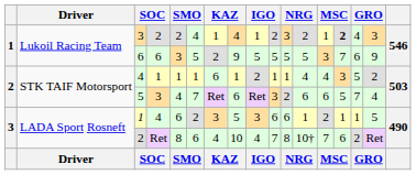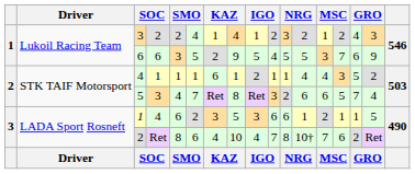 <table align=left| class="wikitable" style="font-size: 85%; text-align: center">
 <tr valign="top">
 <th valign="middle"></th>
 <th valign="middle">Driver</th>
 <th colspan=2><a href='#'>SOC</a></th>
 <th colspan=2><a href='#'>SMO</a></th>
 <th colspan=2><a href='#'>KAZ</a></th>
 <th colspan=2><a href='#'>IGO</a></th>
 <th colspan=2><a href='#'>NRG</a></th>
 <th colspan=2><a href='#'>MSC</a></th>
 <th colspan=2><a href='#'>GRO</a></th>
 <th valign="middle"></th>
 </tr>
 <tr>
 <th rowspan="2">1</th>
 <td rowspan="2" align=left> <a href='#'>Lukoil Racing Team</a></td>
 <td style="background:#ffdf9f;">3</td>
 <td style="background:#dfdfdf;">2</td>
 <td style="background:#dfdfdf;">2</td>
 <td style="background:#dfffdf;">4</td>
 <td style="background:#ffffbf;">1</td>
 <td style="background:#ffdf9f;">4</td>
 <td style="background:#ffffbf;">1</td>
 <td style="background:#dfdfdf;">2</td>
 <td style="background:#ffdf9f;">3</td>
 <td style="background:#dfdfdf;">2</td>
 <td style="background:#ffffbf;">1</td>
-<td style="background:#dfdfdf;"><strong>2</strong></td>
+<td style="background:#dfdfdf;">2</td>
 <td style="background:#dfffdf;">4</td>
 <td style="background:#ffdf9f;">3</td>
 <th rowspan="2">546</th>
 </tr>
 <tr>
 <td style="background:#dfffdf;">6</td>
 <td style="background:#dfffdf;">6</td>
 <td style="background:#ffdf9f;">3</td>
 <td style="background:#dfffdf;">5</td>
 <td style="background:#dfdfdf;">2</td>
 <td style="background:#dfffdf;">9</td>
 <td style="background:#dfffdf;">5</td>
-<td style="background:#dfffdf;">5</td>
+<td style="background:#dfffdf;">4</td>
 <td style="background:#dfffdf;">5</td>
 <td style="background:#dfffdf;">5</td>
 <td style="background:#ffdf9f;">3</td>
 <td style="background:#dfffdf;">7</td>
 <td style="background:#dfffdf;">6</td>
 <td style="background:#dfffdf;">9</td>
 </tr>
 <tr>
 <th rowspan="2">2</th>
 <td rowspan="2" align=left> STK TAIF Motorsport</td>
 <td style="background:#dfffdf;">4</td>
 <td style="background:#ffffbf;">1</td>
 <td style="background:#ffffbf;">1</td>
 <td style="background:#ffffbf;">1</td>
 <td style="background:#dfffdf;">6</td>
 <td style="background:#ffffbf;">1</td>
 <td style="background:#dfdfdf;">2</td>
 <td style="background:#ffffbf;">1</td>
 <td style="background:#ffffbf;">1</td>
 <td style="background:#dfffdf;">4</td>
 <td style="background:#dfffdf;">4</td>
 <td style="background:#ffdf9f;">3</td>
 <td style="background:#dfffdf;">5</td>
 <td style="background:#dfdfdf;">2</td>
 <th rowspan="2">503</th>
 </tr>
 <tr>
 <td style="background:#dfffdf;">5</td>
 <td style="background:#ffdf9f;">3</td>
 <td style="background:#dfffdf;">4</td>
 <td style="background:#dfffdf;">7</td>
 <td style="background:#efcfff;">Ret</td>
-<td style="background:#dfffdf;">6</td>
+<td style="background:#dfffdf;">8</td>
 <td style="background:#efcfff;">Ret</td>
 <td style="background:#ffdf9f;">3</td>
 <td style="background:#dfdfdf;">2</td>
 <td style="background:#dfffdf;">6</td>
 <td style="background:#dfffdf;">6</td>
 <td style="background:#dfffdf;">5</td>
 <td style="background:#dfffdf;">7</td>
 <td style="background:#dfffdf;">4</td>
 </tr>
 <tr>
 <th rowspan="2">3</th>
 <td rowspan="2" align=left> <a href='#'>LADA Sport</a> <a href='#'>Rosneft</a></td>
 <td style="background:#ffffbf;"><em>1</em></td>
 <td style="background:#dfffdf;">4</td>
 <td style="background:#dfffdf;">6</td>
 <td style="background:#dfdfdf;">2</td>
 <td style="background:#ffdf9f;">3</td>
 <td style="background:#dfffdf;">5</td>
 <td style="background:#ffdf9f;">3</td>
 <td style="background:#dfffdf;">6</td>
 <td style="background:#dfffdf;">6</td>
 <td style="background:#ffffbf;">1</td>
 <td style="background:#dfdfdf;">2</td>
 <td style="background:#ffffbf;">1</td>
 <td style="background:#ffffbf;">1</td>
 <td style="background:#dfffdf;">5</td>
 <th rowspan="2">490</th>
 </tr>
 <tr>
 <td style="background:#dfdfdf;">2</td>
 <td style="background:#efcfff;">Ret</td>
 <td style="background:#dfffdf;">8</td>
 <td style="background:#dfffdf;">6</td>
 <td style="background:#dfffdf;">4</td>
 <td style="background:#dfffdf;">10</td>
 <td style="background:#dfffdf;">4</td>
 <td style="background:#dfffdf;">7</td>
 <td style="background:#dfffdf;">8</td>
 <td style="background:#dfffdf;">10†</td>
 <td style="background:#dfffdf;">7</td>
 <td style="background:#dfffdf;">6</td>
 <td style="background:#dfdfdf;">2</td>
 <td style="background:#efcfff;">Ret</td>
 </tr>
 <tr>
 <th valign="middle"></th>
 <th valign="middle">Driver</th>
 <th colspan=2><a href='#'>SOC</a></th>
 <th colspan=2><a href='#'>SMO</a></th>
 <th colspan=2><a href='#'>KAZ</a></th>
 <th colspan=2><a href='#'>IGO</a></th>
 <th colspan=2><a href='#'>NRG</a></th>
 <th colspan=2><a href='#'>MSC</a></th>
 <th colspan=2><a href='#'>GRO</a></th>
 <th valign="middle"></th>
 </tr>
 </table>
